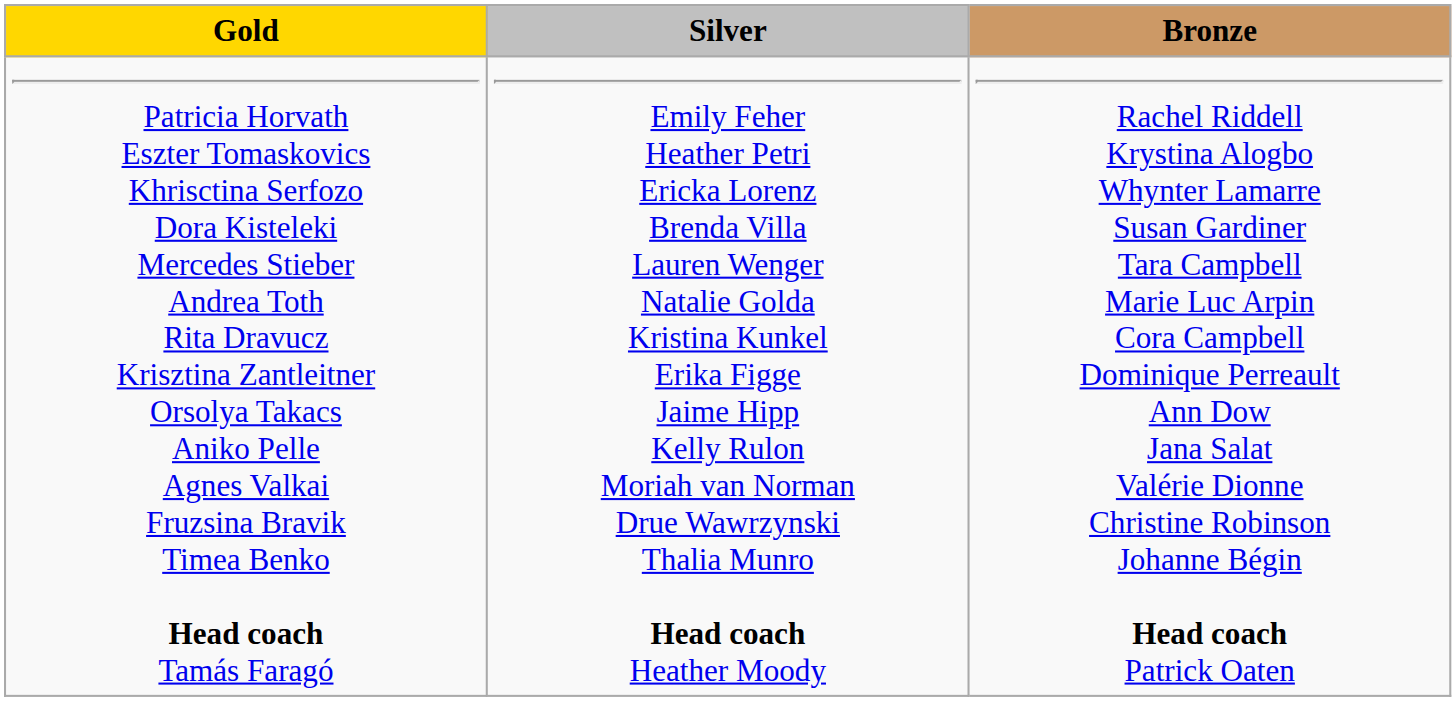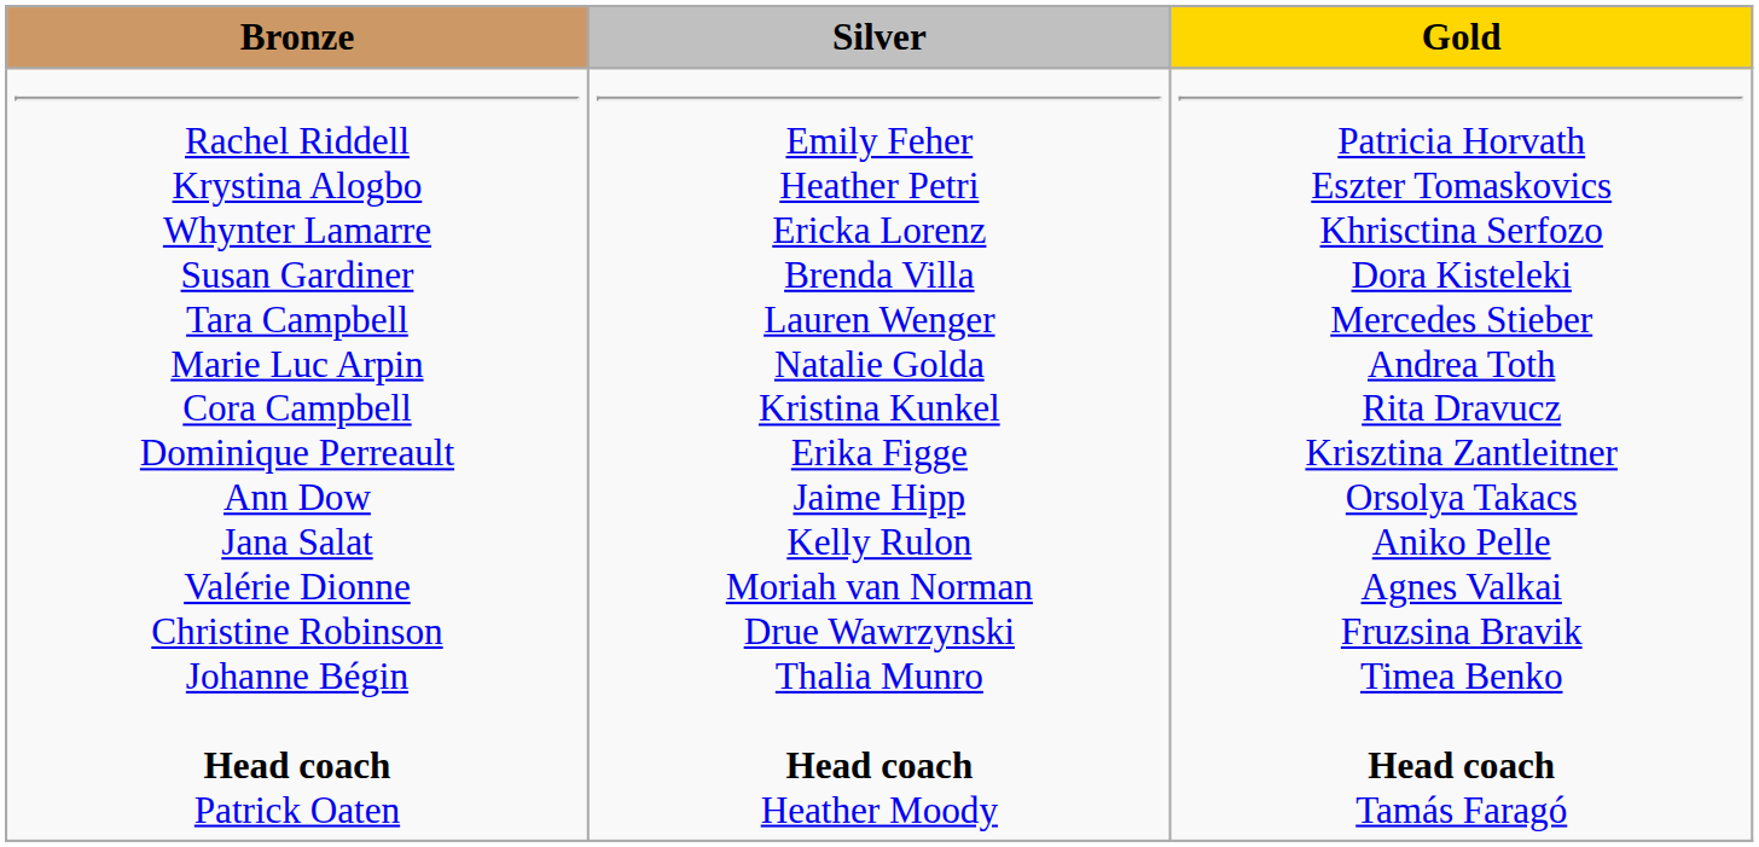 <table class="wikitable" style="font-size:95%;">
 <tr>
+<th style="text-align:center; width:15em; background-color:#CC9966;">Bronze</th>
+<th style="text-align:center; width:15em; background-color:silver;">Silver</th>
 <th style="text-align:center; width:15em; background-color:gold;">Gold</th>
-<th style="text-align:center; width:15em; background-color:silver;">Silver</th>
-<th style="text-align:center; width:15em; background-color:#CC9966;">Bronze</th>
 </tr>
 <tr>
+<td style="text-align:center; vertical-align:top;"><strong></strong><hr><a href='#'>Rachel Riddell</a><br><a href='#'>Krystina Alogbo</a><br><a href='#'>Whynter Lamarre</a><br><a href='#'>Susan Gardiner</a><br><a href='#'>Tara Campbell</a><br><a href='#'>Marie Luc Arpin</a><br><a href='#'>Cora Campbell</a><br><a href='#'>Dominique Perreault</a><br><a href='#'>Ann Dow</a><br><a href='#'>Jana Salat</a><br><a href='#'>Valérie Dionne</a><br><a href='#'>Christine Robinson</a><br><a href='#'>Johanne Bégin</a><br><br><strong>Head coach</strong><br><a href='#'>Patrick Oaten</a></td>
+<td style="text-align:center; vertical-align:top;"><strong></strong><hr><a href='#'>Emily Feher</a><br><a href='#'>Heather Petri</a><br><a href='#'>Ericka Lorenz</a><br><a href='#'>Brenda Villa</a><br><a href='#'>Lauren Wenger</a><br><a href='#'>Natalie Golda</a><br><a href='#'>Kristina Kunkel</a><br><a href='#'>Erika Figge</a><br><a href='#'>Jaime Hipp</a><br><a href='#'>Kelly Rulon</a><br><a href='#'>Moriah van Norman</a><br><a href='#'>Drue Wawrzynski</a><br><a href='#'>Thalia Munro</a><br><br><strong>Head coach</strong><br><a href='#'>Heather Moody</a></td>
 <td style="text-align:center; vertical-align:top;"><strong></strong> <hr><a href='#'>Patricia Horvath</a><br><a href='#'>Eszter Tomaskovics</a><br><a href='#'>Khrisctina Serfozo</a><br><a href='#'>Dora Kisteleki</a><br><a href='#'>Mercedes Stieber</a><br><a href='#'>Andrea Toth</a><br><a href='#'>Rita Dravucz</a><br><a href='#'>Krisztina Zantleitner</a><br><a href='#'>Orsolya Takacs</a><br><a href='#'>Aniko Pelle</a><br><a href='#'>Agnes Valkai</a><br><a href='#'>Fruzsina Bravik</a><br><a href='#'>Timea Benko</a><br><br><strong>Head coach</strong><br><a href='#'>Tamás Faragó</a></td>
-<td style="text-align:center; vertical-align:top;"><strong></strong><hr><a href='#'>Emily Feher</a><br><a href='#'>Heather Petri</a><br><a href='#'>Ericka Lorenz</a><br><a href='#'>Brenda Villa</a><br><a href='#'>Lauren Wenger</a><br><a href='#'>Natalie Golda</a><br><a href='#'>Kristina Kunkel</a><br><a href='#'>Erika Figge</a><br><a href='#'>Jaime Hipp</a><br><a href='#'>Kelly Rulon</a><br><a href='#'>Moriah van Norman</a><br><a href='#'>Drue Wawrzynski</a><br><a href='#'>Thalia Munro</a><br><br><strong>Head coach</strong><br><a href='#'>Heather Moody</a></td>
-<td style="text-align:center; vertical-align:top;"><strong></strong><hr><a href='#'>Rachel Riddell</a><br><a href='#'>Krystina Alogbo</a><br><a href='#'>Whynter Lamarre</a><br><a href='#'>Susan Gardiner</a><br><a href='#'>Tara Campbell</a><br><a href='#'>Marie Luc Arpin</a><br><a href='#'>Cora Campbell</a><br><a href='#'>Dominique Perreault</a><br><a href='#'>Ann Dow</a><br><a href='#'>Jana Salat</a><br><a href='#'>Valérie Dionne</a><br><a href='#'>Christine Robinson</a><br><a href='#'>Johanne Bégin</a><br><br><strong>Head coach</strong><br><a href='#'>Patrick Oaten</a></td>
 </tr>
 </table>
